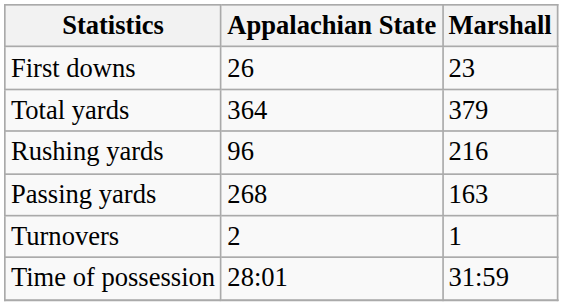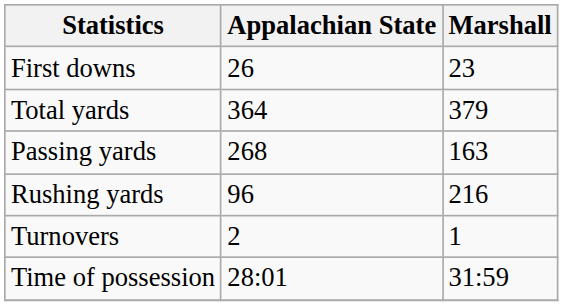 <table class="wikitable">
 <tr>
 <th>Statistics</th>
 <th>Appalachian State</th>
 <th>Marshall</th>
 </tr>
 <tr>
 <td>First downs</td>
 <td>26</td>
 <td>23</td>
 </tr>
 <tr>
 <td>Total yards</td>
 <td>364</td>
 <td>379</td>
 </tr>
 <tr>
+<td>Passing yards</td>
+<td>268</td>
+<td>163</td>
+</tr>
+<tr>
 <td>Rushing yards</td>
 <td>96</td>
 <td>216</td>
-</tr>
-<tr>
-<td>Passing yards</td>
-<td>268</td>
-<td>163</td>
 </tr>
 <tr>
 <td>Turnovers</td>
 <td>2</td>
 <td>1</td>
 </tr>
 <tr>
 <td>Time of possession</td>
 <td>28:01</td>
 <td>31:59</td>
 </tr>
 <tr>
 </tr>
 </table>
